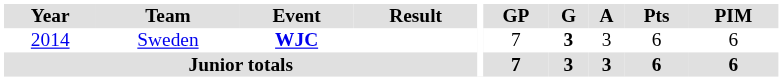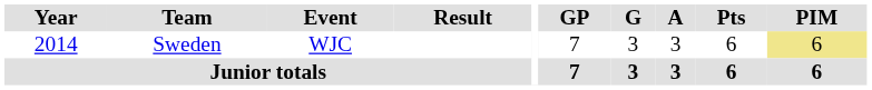 <table border="0" cellpadding="1" cellspacing="0" ID="Table3" style="text-align:center; width:40em;">
 <tr bgcolor="#e0e0e0">
 <th>Year</th>
 <th>Team</th>
 <th>Event</th>
 <th>Result</th>
 <th rowspan="99" bgcolor="#ffffff"></th>
 <th>GP</th>
 <th>G</th>
 <th>A</th>
 <th>Pts</th>
 <th>PIM</th>
 </tr>
 <tr>
 <td><a href='#'>2014</a></td>
 <td><a href='#'>Sweden</a></td>
-<td><strong><a href='#'>WJC</a></strong></td>
+<td><a href='#'>WJC</a></td>
 <td></td>
 <td>7</td>
-<td><strong>3</strong></td>
+<td>3</td>
 <td>3</td>
 <td>6</td>
-<td>6</td>
+<td style="background: khaki;">6</td>
 </tr>
 <tr bgcolor="#e0e0e0">
 <th colspan="4">Junior totals</th>
 <th>7</th>
 <th>3</th>
 <th>3</th>
 <th>6</th>
 <th>6</th>
 </tr>
 </table>
